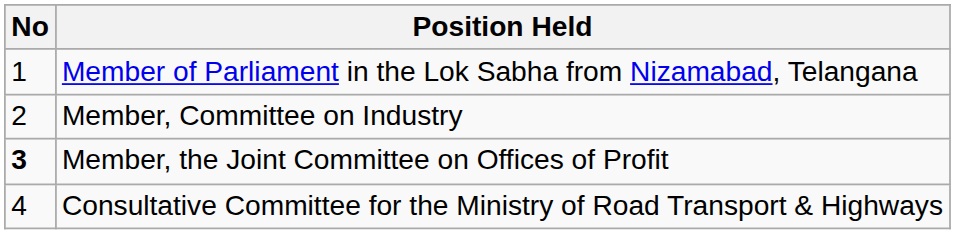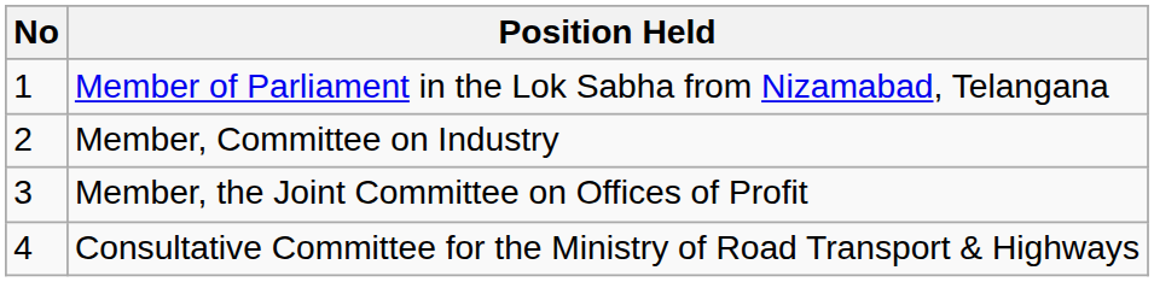 <table class="wikitable">
 <tr>
 <th>No</th>
 <th>Position Held</th>
 </tr>
 <tr>
 <td>1</td>
 <td><a href='#'>Member of Parliament</a> in the Lok Sabha from <a href='#'>Nizamabad</a>, Telangana  </td>
 </tr>
 <tr>
 <td>2</td>
 <td>Member, Committee on Industry</td>
 </tr>
 <tr>
-<td><strong>3</strong></td>
+<td>3</td>
 <td>Member, the Joint Committee on Offices of Profit</td>
 </tr>
 <tr>
 <td>4</td>
 <td>Consultative Committee for the Ministry of Road Transport & Highways</td>
 </tr>
 </table>
